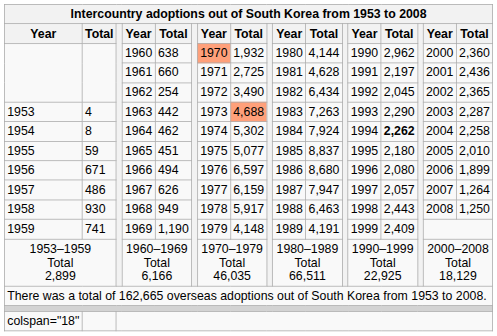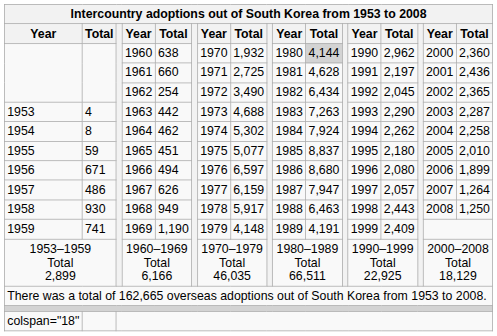 <table class="wikitable">
 <tr>
 <th colspan="17">Intercountry adoptions out of South Korea from 1953 to 2008</th>
 </tr>
 <tr>
 <th>Year</th>
 <th>Total</th>
 <th rowspan="12"></th>
 <th>Year</th>
 <th>Total</th>
 <th rowspan="12"></th>
 <th>Year</th>
 <th>Total</th>
 <th rowspan="12"></th>
 <th>Year</th>
 <th>Total</th>
 <th rowspan="12"></th>
 <th>Year</th>
 <th>Total</th>
 <th rowspan="12"></th>
 <th>Year</th>
 <th>Total</th>
 </tr>
 <tr>
 <td rowspan="3"></td>
 <td rowspan="3"></td>
 <td>1960</td>
 <td>638</td>
-<td style="background: lightsalmon;">1970</td>
+<td>1970</td>
 <td>1,932</td>
 <td>1980</td>
-<td>4,144</td>
+<td style="background: lightgrey;">4,144</td>
 <td>1990</td>
 <td>2,962</td>
 <td>2000</td>
 <td>2,360</td>
 </tr>
 <tr>
 <td>1961</td>
 <td>660</td>
 <td>1971</td>
 <td>2,725</td>
 <td>1981</td>
 <td>4,628</td>
 <td>1991</td>
 <td>2,197</td>
 <td>2001</td>
 <td>2,436</td>
 </tr>
 <tr>
 <td>1962</td>
 <td>254</td>
 <td>1972</td>
 <td>3,490</td>
 <td>1982</td>
 <td>6,434</td>
 <td>1992</td>
 <td>2,045</td>
 <td>2002</td>
 <td>2,365</td>
 </tr>
 <tr>
 <td>1953</td>
 <td>4</td>
 <td>1963</td>
 <td>442</td>
 <td>1973</td>
-<td style="background: lightsalmon;">4,688</td>
+<td>4,688</td>
 <td>1983</td>
 <td>7,263</td>
 <td>1993</td>
 <td>2,290</td>
 <td>2003</td>
 <td>2,287</td>
 </tr>
 <tr>
 <td>1954</td>
 <td>8</td>
 <td>1964</td>
 <td>462</td>
 <td>1974</td>
 <td>5,302</td>
 <td>1984</td>
 <td>7,924</td>
 <td>1994</td>
-<td><strong>2,262</strong></td>
+<td>2,262</td>
 <td>2004</td>
 <td>2,258</td>
 </tr>
 <tr>
 <td>1955</td>
 <td>59</td>
 <td>1965</td>
 <td>451</td>
 <td>1975</td>
 <td>5,077</td>
 <td>1985</td>
 <td>8,837</td>
 <td>1995</td>
 <td>2,180</td>
 <td>2005</td>
 <td>2,010</td>
 </tr>
 <tr>
 <td>1956</td>
 <td>671</td>
 <td>1966</td>
 <td>494</td>
 <td>1976</td>
 <td>6,597</td>
 <td>1986</td>
 <td>8,680</td>
 <td>1996</td>
 <td>2,080</td>
 <td>2006</td>
 <td>1,899</td>
 </tr>
 <tr>
 <td>1957</td>
 <td>486</td>
 <td>1967</td>
 <td>626</td>
 <td>1977</td>
 <td>6,159</td>
 <td>1987</td>
 <td>7,947</td>
 <td>1997</td>
 <td>2,057</td>
 <td>2007</td>
 <td>1,264</td>
 </tr>
 <tr>
 <td>1958</td>
 <td>930</td>
 <td>1968</td>
 <td>949</td>
 <td>1978</td>
 <td>5,917</td>
 <td>1988</td>
 <td>6,463</td>
 <td>1998</td>
 <td>2,443</td>
 <td>2008</td>
 <td>1,250</td>
 </tr>
 <tr>
 <td>1959</td>
 <td>741</td>
 <td>1969</td>
 <td>1,190</td>
 <td>1979</td>
 <td>4,148</td>
 <td>1989</td>
 <td>4,191</td>
 <td>1999</td>
 <td>2,409</td>
 <td colspan="2"></td>
 </tr>
 <tr>
 <td colspan="2" style="text-align:center;">1953–1959<br>Total<br>2,899</td>
 <td colspan="2" style="text-align:center;">1960–1969<br>Total<br>6,166</td>
 <td colspan="2" style="text-align:center;">1970–1979<br>Total<br>46,035</td>
 <td colspan="2" style="text-align:center;">1980–1989<br>Total<br>66,511</td>
 <td colspan="2" style="text-align:center;">1990–1999<br>Total<br>22,925</td>
 <td colspan="2" style="text-align:center;">2000–2008<br>Total<br>18,129</td>
 </tr>
 <tr>
 <td colspan="18">There was a total of 162,665 overseas adoptions out of South Korea from 1953 to 2008.</td>
 </tr>
 <tr>
 <td colspan="18" style="background-color: lightgray;"></td>
 </tr>
 <tr>
 <td>colspan="18"</td>
 <td></td>
 </tr>
 </table>
